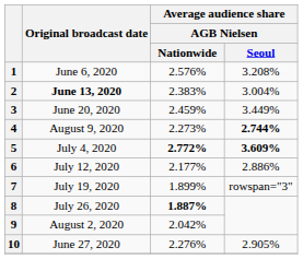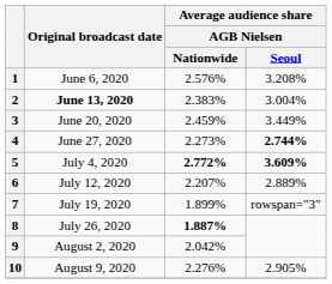 <table class="wikitable" style="text-align:center">
 <tr>
 <th rowspan="3"></th>
 <th rowspan="3">Original broadcast date</th>
 <th colspan="2">Average audience share</th>
 </tr>
 <tr>
 <th colspan="2">AGB Nielsen</th>
 </tr>
 <tr>
 <th width=90>Nationwide</th>
 <th width=90><a href='#'>Seoul</a></th>
 </tr>
 <tr>
 <th>1</th>
 <td>June 6, 2020</td>
 <td>2.576%</td>
 <td>3.208%</td>
 </tr>
 <tr>
 <th>2</th>
 <td><strong>June 13, 2020</strong></td>
 <td>2.383%</td>
 <td>3.004%</td>
 </tr>
 <tr>
 <th>3</th>
 <td>June 20, 2020</td>
 <td>2.459%</td>
 <td>3.449%</td>
 </tr>
 <tr>
 <th>4</th>
-<td>August 9, 2020</td>
+<td>June 27, 2020</td>
 <td>2.273%</td>
 <td><span><strong>2.744%</strong></span></td>
 </tr>
 <tr>
 <th>5</th>
 <td>July 4, 2020</td>
 <td><span><strong>2.772%</strong></span></td>
 <td><span><strong>3.609%</strong></span></td>
 </tr>
 <tr>
 <th>6</th>
 <td>July 12, 2020</td>
-<td>2.177%</td>
-<td>2.886%</td>
+<td>2.207%</td>
+<td>2.889%</td>
 </tr>
 <tr>
 <th>7</th>
 <td>July 19, 2020</td>
 <td>1.899%</td>
 <td>rowspan="3" </td>
 </tr>
 <tr>
 <th>8</th>
 <td>July 26, 2020</td>
 <td><span><strong>1.887%</strong></span></td>
 </tr>
 <tr>
 <th>9</th>
 <td>August 2, 2020</td>
 <td>2.042%</td>
 </tr>
 <tr>
 <th>10</th>
-<td>June 27, 2020</td>
+<td>August 9, 2020</td>
 <td>2.276%</td>
 <td>2.905%</td>
 </tr>
 <tr>
 </tr>
 </table>
